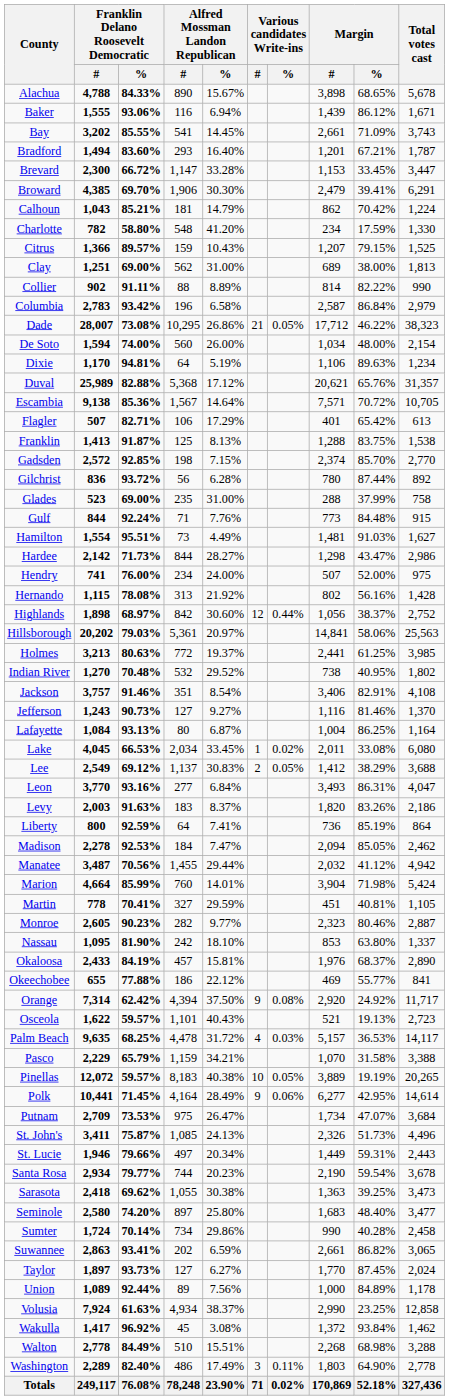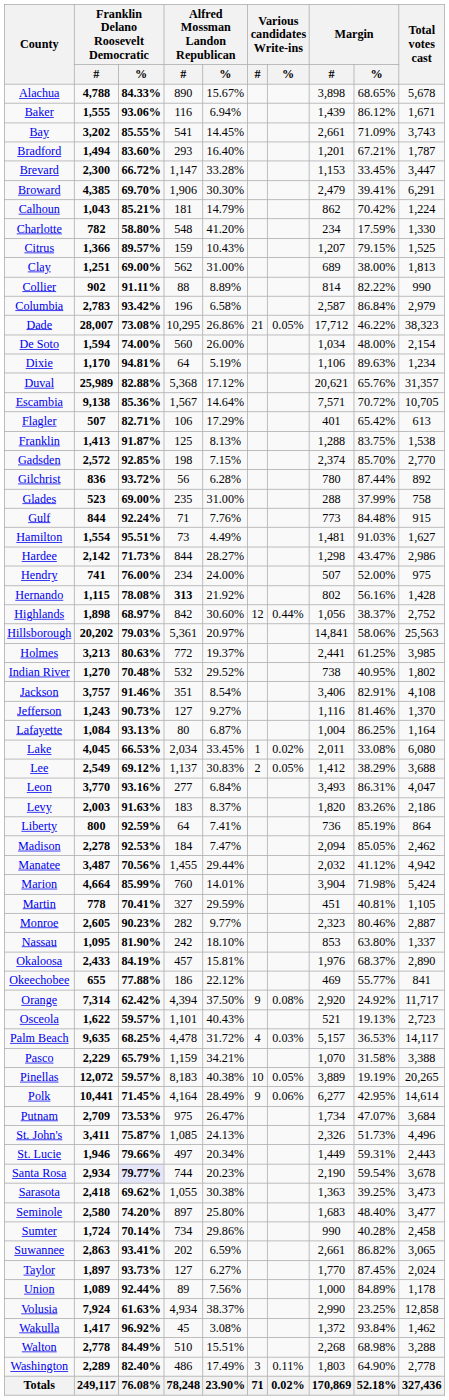 <table class="wikitable sortable" style="width:60%; text-align:center;">
 <tr>
 <th style="text-align:center;" rowspan="2">County</th>
 <th style="text-align:center;" colspan="2">Franklin Delano Roosevelt<br>Democratic</th>
 <th style="text-align:center;" colspan="2">Alfred Mossman Landon<br>Republican</th>
 <th style="text-align:center;" colspan="2">Various candidates<br>Write-ins</th>
 <th style="text-align:center;" colspan="2">Margin</th>
 <th style="text-align:center;" rowspan="2">Total votes cast</th>
 </tr>
 <tr>
 <th style="text-align:center;" data-sort-type="number">#</th>
 <th style="text-align:center;" data-sort-type="number">%</th>
 <th style="text-align:center;" data-sort-type="number">#</th>
 <th style="text-align:center;" data-sort-type="number">%</th>
 <th style="text-align:center;" data-sort-type="number">#</th>
 <th style="text-align:center;" data-sort-type="number">%</th>
 <th style="text-align:center;" data-sort-type="number">#</th>
 <th style="text-align:center;" data-sort-type="number">%</th>
 </tr>
 <tr style="text-align:center;">
 <td><a href='#'>Alachua</a></td>
 <td><strong>4,788</strong></td>
 <td><strong>84.33%</strong></td>
 <td>890</td>
 <td>15.67%</td>
 <td></td>
 <td></td>
 <td>3,898</td>
 <td>68.65%</td>
 <td>5,678</td>
 </tr>
 <tr style="text-align:center;">
 <td><a href='#'>Baker</a></td>
 <td><strong>1,555</strong></td>
 <td><strong>93.06%</strong></td>
 <td>116</td>
 <td>6.94%</td>
 <td></td>
 <td></td>
 <td>1,439</td>
 <td>86.12%</td>
 <td>1,671</td>
 </tr>
 <tr style="text-align:center;">
 <td><a href='#'>Bay</a></td>
 <td><strong>3,202</strong></td>
 <td><strong>85.55%</strong></td>
 <td>541</td>
 <td>14.45%</td>
 <td></td>
 <td></td>
 <td>2,661</td>
 <td>71.09%</td>
 <td>3,743</td>
 </tr>
 <tr style="text-align:center;">
 <td><a href='#'>Bradford</a></td>
 <td><strong>1,494</strong></td>
 <td><strong>83.60%</strong></td>
 <td>293</td>
 <td>16.40%</td>
 <td></td>
 <td></td>
 <td>1,201</td>
 <td>67.21%</td>
 <td>1,787</td>
 </tr>
 <tr style="text-align:center;">
 <td><a href='#'>Brevard</a></td>
 <td><strong>2,300</strong></td>
 <td><strong>66.72%</strong></td>
 <td>1,147</td>
 <td>33.28%</td>
 <td></td>
 <td></td>
 <td>1,153</td>
 <td>33.45%</td>
 <td>3,447</td>
 </tr>
 <tr style="text-align:center;">
 <td><a href='#'>Broward</a></td>
 <td><strong>4,385</strong></td>
 <td><strong>69.70%</strong></td>
 <td>1,906</td>
 <td>30.30%</td>
 <td></td>
 <td></td>
 <td>2,479</td>
 <td>39.41%</td>
 <td>6,291</td>
 </tr>
 <tr style="text-align:center;">
 <td><a href='#'>Calhoun</a></td>
 <td><strong>1,043</strong></td>
 <td><strong>85.21%</strong></td>
 <td>181</td>
 <td>14.79%</td>
 <td></td>
 <td></td>
 <td>862</td>
 <td>70.42%</td>
 <td>1,224</td>
 </tr>
 <tr style="text-align:center;">
 <td><a href='#'>Charlotte</a></td>
 <td><strong>782</strong></td>
 <td><strong>58.80%</strong></td>
 <td>548</td>
 <td>41.20%</td>
 <td></td>
 <td></td>
 <td>234</td>
 <td>17.59%</td>
 <td>1,330</td>
 </tr>
 <tr style="text-align:center;">
 <td><a href='#'>Citrus</a></td>
 <td><strong>1,366</strong></td>
 <td><strong>89.57%</strong></td>
 <td>159</td>
 <td>10.43%</td>
 <td></td>
 <td></td>
 <td>1,207</td>
 <td>79.15%</td>
 <td>1,525</td>
 </tr>
 <tr style="text-align:center;">
 <td><a href='#'>Clay</a></td>
 <td><strong>1,251</strong></td>
 <td><strong>69.00%</strong></td>
 <td>562</td>
 <td>31.00%</td>
 <td></td>
 <td></td>
 <td>689</td>
 <td>38.00%</td>
 <td>1,813</td>
 </tr>
 <tr style="text-align:center;">
 <td><a href='#'>Collier</a></td>
 <td><strong>902</strong></td>
 <td><strong>91.11%</strong></td>
 <td>88</td>
 <td>8.89%</td>
 <td></td>
 <td></td>
 <td>814</td>
 <td>82.22%</td>
 <td>990</td>
 </tr>
 <tr style="text-align:center;">
 <td><a href='#'>Columbia</a></td>
 <td><strong>2,783</strong></td>
 <td><strong>93.42%</strong></td>
 <td>196</td>
 <td>6.58%</td>
 <td></td>
 <td></td>
 <td>2,587</td>
 <td>86.84%</td>
 <td>2,979</td>
 </tr>
 <tr style="text-align:center;">
 <td><a href='#'>Dade</a></td>
 <td><strong>28,007</strong></td>
 <td><strong>73.08%</strong></td>
 <td>10,295</td>
 <td>26.86%</td>
 <td>21</td>
 <td>0.05%</td>
 <td>17,712</td>
 <td>46.22%</td>
 <td>38,323</td>
 </tr>
 <tr style="text-align:center;">
 <td><a href='#'>De Soto</a></td>
 <td><strong>1,594</strong></td>
 <td><strong>74.00%</strong></td>
 <td>560</td>
 <td>26.00%</td>
 <td></td>
 <td></td>
 <td>1,034</td>
 <td>48.00%</td>
 <td>2,154</td>
 </tr>
 <tr style="text-align:center;">
 <td><a href='#'>Dixie</a></td>
 <td><strong>1,170</strong></td>
 <td><strong>94.81%</strong></td>
 <td>64</td>
 <td>5.19%</td>
 <td></td>
 <td></td>
 <td>1,106</td>
 <td>89.63%</td>
 <td>1,234</td>
 </tr>
 <tr style="text-align:center;">
 <td><a href='#'>Duval</a></td>
 <td><strong>25,989</strong></td>
 <td><strong>82.88%</strong></td>
 <td>5,368</td>
 <td>17.12%</td>
 <td></td>
 <td></td>
 <td>20,621</td>
 <td>65.76%</td>
 <td>31,357</td>
 </tr>
 <tr style="text-align:center;">
 <td><a href='#'>Escambia</a></td>
 <td><strong>9,138</strong></td>
 <td><strong>85.36%</strong></td>
 <td>1,567</td>
 <td>14.64%</td>
 <td></td>
 <td></td>
 <td>7,571</td>
 <td>70.72%</td>
 <td>10,705</td>
 </tr>
 <tr style="text-align:center;">
 <td><a href='#'>Flagler</a></td>
 <td><strong>507</strong></td>
 <td><strong>82.71%</strong></td>
 <td>106</td>
 <td>17.29%</td>
 <td></td>
 <td></td>
 <td>401</td>
 <td>65.42%</td>
 <td>613</td>
 </tr>
 <tr style="text-align:center;">
 <td><a href='#'>Franklin</a></td>
 <td><strong>1,413</strong></td>
 <td><strong>91.87%</strong></td>
 <td>125</td>
 <td>8.13%</td>
 <td></td>
 <td></td>
 <td>1,288</td>
 <td>83.75%</td>
 <td>1,538</td>
 </tr>
 <tr style="text-align:center;">
 <td><a href='#'>Gadsden</a></td>
 <td><strong>2,572</strong></td>
 <td><strong>92.85%</strong></td>
 <td>198</td>
 <td>7.15%</td>
 <td></td>
 <td></td>
 <td>2,374</td>
 <td>85.70%</td>
 <td>2,770</td>
 </tr>
 <tr style="text-align:center;">
 <td><a href='#'>Gilchrist</a></td>
 <td><strong>836</strong></td>
 <td><strong>93.72%</strong></td>
 <td>56</td>
 <td>6.28%</td>
 <td></td>
 <td></td>
 <td>780</td>
 <td>87.44%</td>
 <td>892</td>
 </tr>
 <tr style="text-align:center;">
 <td><a href='#'>Glades</a></td>
 <td><strong>523</strong></td>
 <td><strong>69.00%</strong></td>
 <td>235</td>
 <td>31.00%</td>
 <td></td>
 <td></td>
 <td>288</td>
 <td>37.99%</td>
 <td>758</td>
 </tr>
 <tr style="text-align:center;">
 <td><a href='#'>Gulf</a></td>
 <td><strong>844</strong></td>
 <td><strong>92.24%</strong></td>
 <td>71</td>
 <td>7.76%</td>
 <td></td>
 <td></td>
 <td>773</td>
 <td>84.48%</td>
 <td>915</td>
 </tr>
 <tr style="text-align:center;">
 <td><a href='#'>Hamilton</a></td>
 <td><strong>1,554</strong></td>
 <td><strong>95.51%</strong></td>
 <td>73</td>
 <td>4.49%</td>
 <td></td>
 <td></td>
 <td>1,481</td>
 <td>91.03%</td>
 <td>1,627</td>
 </tr>
 <tr style="text-align:center;">
 <td><a href='#'>Hardee</a></td>
 <td><strong>2,142</strong></td>
 <td><strong>71.73%</strong></td>
 <td>844</td>
 <td>28.27%</td>
 <td></td>
 <td></td>
 <td>1,298</td>
 <td>43.47%</td>
 <td>2,986</td>
 </tr>
 <tr style="text-align:center;">
 <td><a href='#'>Hendry</a></td>
 <td><strong>741</strong></td>
 <td><strong>76.00%</strong></td>
 <td>234</td>
 <td>24.00%</td>
 <td></td>
 <td></td>
 <td>507</td>
 <td>52.00%</td>
 <td>975</td>
 </tr>
 <tr style="text-align:center;">
 <td><a href='#'>Hernando</a></td>
 <td><strong>1,115</strong></td>
 <td><strong>78.08%</strong></td>
-<td>313</td>
+<td><strong>313</strong></td>
 <td>21.92%</td>
 <td></td>
 <td></td>
 <td>802</td>
 <td>56.16%</td>
 <td>1,428</td>
 </tr>
 <tr style="text-align:center;">
 <td><a href='#'>Highlands</a></td>
 <td><strong>1,898</strong></td>
 <td><strong>68.97%</strong></td>
 <td>842</td>
 <td>30.60%</td>
 <td>12</td>
 <td>0.44%</td>
 <td>1,056</td>
 <td>38.37%</td>
 <td>2,752</td>
 </tr>
 <tr style="text-align:center;">
 <td><a href='#'>Hillsborough</a></td>
 <td><strong>20,202</strong></td>
 <td><strong>79.03%</strong></td>
 <td>5,361</td>
 <td>20.97%</td>
 <td></td>
 <td></td>
 <td>14,841</td>
 <td>58.06%</td>
 <td>25,563</td>
 </tr>
 <tr style="text-align:center;">
 <td><a href='#'>Holmes</a></td>
 <td><strong>3,213</strong></td>
 <td><strong>80.63%</strong></td>
 <td>772</td>
 <td>19.37%</td>
 <td></td>
 <td></td>
 <td>2,441</td>
 <td>61.25%</td>
 <td>3,985</td>
 </tr>
 <tr style="text-align:center;">
 <td><a href='#'>Indian River</a></td>
 <td><strong>1,270</strong></td>
 <td><strong>70.48%</strong></td>
 <td>532</td>
 <td>29.52%</td>
 <td></td>
 <td></td>
 <td>738</td>
 <td>40.95%</td>
 <td>1,802</td>
 </tr>
 <tr style="text-align:center;">
 <td><a href='#'>Jackson</a></td>
 <td><strong>3,757</strong></td>
 <td><strong>91.46%</strong></td>
 <td>351</td>
 <td>8.54%</td>
 <td></td>
 <td></td>
 <td>3,406</td>
 <td>82.91%</td>
 <td>4,108</td>
 </tr>
 <tr style="text-align:center;">
 <td><a href='#'>Jefferson</a></td>
 <td><strong>1,243</strong></td>
 <td><strong>90.73%</strong></td>
 <td>127</td>
 <td>9.27%</td>
 <td></td>
 <td></td>
 <td>1,116</td>
 <td>81.46%</td>
 <td>1,370</td>
 </tr>
 <tr style="text-align:center;">
 <td><a href='#'>Lafayette</a></td>
 <td><strong>1,084</strong></td>
 <td><strong>93.13%</strong></td>
 <td>80</td>
 <td>6.87%</td>
 <td></td>
 <td></td>
 <td>1,004</td>
 <td>86.25%</td>
 <td>1,164</td>
 </tr>
 <tr style="text-align:center;">
 <td><a href='#'>Lake</a></td>
 <td><strong>4,045</strong></td>
 <td><strong>66.53%</strong></td>
 <td>2,034</td>
 <td>33.45%</td>
 <td>1</td>
 <td>0.02%</td>
 <td>2,011</td>
 <td>33.08%</td>
 <td>6,080</td>
 </tr>
 <tr style="text-align:center;">
 <td><a href='#'>Lee</a></td>
 <td><strong>2,549</strong></td>
 <td><strong>69.12%</strong></td>
 <td>1,137</td>
 <td>30.83%</td>
 <td>2</td>
 <td>0.05%</td>
 <td>1,412</td>
 <td>38.29%</td>
 <td>3,688</td>
 </tr>
 <tr style="text-align:center;">
 <td><a href='#'>Leon</a></td>
 <td><strong>3,770</strong></td>
 <td><strong>93.16%</strong></td>
 <td>277</td>
 <td>6.84%</td>
 <td></td>
 <td></td>
 <td>3,493</td>
 <td>86.31%</td>
 <td>4,047</td>
 </tr>
 <tr style="text-align:center;">
 <td><a href='#'>Levy</a></td>
 <td><strong>2,003</strong></td>
 <td><strong>91.63%</strong></td>
 <td>183</td>
 <td>8.37%</td>
 <td></td>
 <td></td>
 <td>1,820</td>
 <td>83.26%</td>
 <td>2,186</td>
 </tr>
 <tr style="text-align:center;">
 <td><a href='#'>Liberty</a></td>
 <td><strong>800</strong></td>
 <td><strong>92.59%</strong></td>
 <td>64</td>
 <td>7.41%</td>
 <td></td>
 <td></td>
 <td>736</td>
 <td>85.19%</td>
 <td>864</td>
 </tr>
 <tr style="text-align:center;">
 <td><a href='#'>Madison</a></td>
 <td><strong>2,278</strong></td>
 <td><strong>92.53%</strong></td>
 <td>184</td>
 <td>7.47%</td>
 <td></td>
 <td></td>
 <td>2,094</td>
 <td>85.05%</td>
 <td>2,462</td>
 </tr>
 <tr style="text-align:center;">
 <td><a href='#'>Manatee</a></td>
 <td><strong>3,487</strong></td>
 <td><strong>70.56%</strong></td>
 <td>1,455</td>
 <td>29.44%</td>
 <td></td>
 <td></td>
 <td>2,032</td>
 <td>41.12%</td>
 <td>4,942</td>
 </tr>
 <tr style="text-align:center;">
 <td><a href='#'>Marion</a></td>
 <td><strong>4,664</strong></td>
 <td><strong>85.99%</strong></td>
 <td>760</td>
 <td>14.01%</td>
 <td></td>
 <td></td>
 <td>3,904</td>
 <td>71.98%</td>
 <td>5,424</td>
 </tr>
 <tr style="text-align:center;">
 <td><a href='#'>Martin</a></td>
 <td><strong>778</strong></td>
 <td><strong>70.41%</strong></td>
 <td>327</td>
 <td>29.59%</td>
 <td></td>
 <td></td>
 <td>451</td>
 <td>40.81%</td>
 <td>1,105</td>
 </tr>
 <tr style="text-align:center;">
 <td><a href='#'>Monroe</a></td>
 <td><strong>2,605</strong></td>
 <td><strong>90.23%</strong></td>
 <td>282</td>
 <td>9.77%</td>
 <td></td>
 <td></td>
 <td>2,323</td>
 <td>80.46%</td>
 <td>2,887</td>
 </tr>
 <tr style="text-align:center;">
 <td><a href='#'>Nassau</a></td>
 <td><strong>1,095</strong></td>
 <td><strong>81.90%</strong></td>
 <td>242</td>
 <td>18.10%</td>
 <td></td>
 <td></td>
 <td>853</td>
 <td>63.80%</td>
 <td>1,337</td>
 </tr>
 <tr style="text-align:center;">
 <td><a href='#'>Okaloosa</a></td>
 <td><strong>2,433</strong></td>
 <td><strong>84.19%</strong></td>
 <td>457</td>
 <td>15.81%</td>
 <td></td>
 <td></td>
 <td>1,976</td>
 <td>68.37%</td>
 <td>2,890</td>
 </tr>
 <tr style="text-align:center;">
 <td><a href='#'>Okeechobee</a></td>
 <td><strong>655</strong></td>
 <td><strong>77.88%</strong></td>
 <td>186</td>
 <td>22.12%</td>
 <td></td>
 <td></td>
 <td>469</td>
 <td>55.77%</td>
 <td>841</td>
 </tr>
 <tr style="text-align:center;">
 <td><a href='#'>Orange</a></td>
 <td><strong>7,314</strong></td>
 <td><strong>62.42%</strong></td>
 <td>4,394</td>
 <td>37.50%</td>
 <td>9</td>
 <td>0.08%</td>
 <td>2,920</td>
 <td>24.92%</td>
 <td>11,717</td>
 </tr>
 <tr style="text-align:center;">
 <td><a href='#'>Osceola</a></td>
 <td><strong>1,622</strong></td>
 <td><strong>59.57%</strong></td>
 <td>1,101</td>
 <td>40.43%</td>
 <td></td>
 <td></td>
 <td>521</td>
 <td>19.13%</td>
 <td>2,723</td>
 </tr>
 <tr style="text-align:center;">
 <td><a href='#'>Palm Beach</a></td>
 <td><strong>9,635</strong></td>
 <td><strong>68.25%</strong></td>
 <td>4,478</td>
 <td>31.72%</td>
 <td>4</td>
 <td>0.03%</td>
 <td>5,157</td>
 <td>36.53%</td>
 <td>14,117</td>
 </tr>
 <tr style="text-align:center;">
 <td><a href='#'>Pasco</a></td>
 <td><strong>2,229</strong></td>
 <td><strong>65.79%</strong></td>
 <td>1,159</td>
 <td>34.21%</td>
 <td></td>
 <td></td>
 <td>1,070</td>
 <td>31.58%</td>
 <td>3,388</td>
 </tr>
 <tr style="text-align:center;">
 <td><a href='#'>Pinellas</a></td>
 <td><strong>12,072</strong></td>
 <td><strong>59.57%</strong></td>
 <td>8,183</td>
 <td>40.38%</td>
 <td>10</td>
 <td>0.05%</td>
 <td>3,889</td>
 <td>19.19%</td>
 <td>20,265</td>
 </tr>
 <tr style="text-align:center;">
 <td><a href='#'>Polk</a></td>
 <td><strong>10,441</strong></td>
 <td><strong>71.45%</strong></td>
 <td>4,164</td>
 <td>28.49%</td>
 <td>9</td>
 <td>0.06%</td>
 <td>6,277</td>
 <td>42.95%</td>
 <td>14,614</td>
 </tr>
 <tr style="text-align:center;">
 <td><a href='#'>Putnam</a></td>
 <td><strong>2,709</strong></td>
 <td><strong>73.53%</strong></td>
 <td>975</td>
 <td>26.47%</td>
 <td></td>
 <td></td>
 <td>1,734</td>
 <td>47.07%</td>
 <td>3,684</td>
 </tr>
 <tr style="text-align:center;">
 <td><a href='#'>St. John's</a></td>
 <td><strong>3,411</strong></td>
 <td><strong>75.87%</strong></td>
 <td>1,085</td>
 <td>24.13%</td>
 <td></td>
 <td></td>
 <td>2,326</td>
 <td>51.73%</td>
 <td>4,496</td>
 </tr>
 <tr style="text-align:center;">
 <td><a href='#'>St. Lucie</a></td>
 <td><strong>1,946</strong></td>
 <td><strong>79.66%</strong></td>
 <td>497</td>
 <td>20.34%</td>
 <td></td>
 <td></td>
 <td>1,449</td>
 <td>59.31%</td>
 <td>2,443</td>
 </tr>
 <tr style="text-align:center;">
 <td><a href='#'>Santa Rosa</a></td>
 <td><strong>2,934</strong></td>
-<td><strong>79.77%</strong></td>
+<td style="background: lavender;"><strong>79.77%</strong></td>
 <td>744</td>
 <td>20.23%</td>
 <td></td>
 <td></td>
 <td>2,190</td>
 <td>59.54%</td>
 <td>3,678</td>
 </tr>
 <tr style="text-align:center;">
 <td><a href='#'>Sarasota</a></td>
 <td><strong>2,418</strong></td>
 <td><strong>69.62%</strong></td>
 <td>1,055</td>
 <td>30.38%</td>
 <td></td>
 <td></td>
 <td>1,363</td>
 <td>39.25%</td>
 <td>3,473</td>
 </tr>
 <tr style="text-align:center;">
 <td><a href='#'>Seminole</a></td>
 <td><strong>2,580</strong></td>
 <td><strong>74.20%</strong></td>
 <td>897</td>
 <td>25.80%</td>
 <td></td>
 <td></td>
 <td>1,683</td>
 <td>48.40%</td>
 <td>3,477</td>
 </tr>
 <tr style="text-align:center;">
 <td><a href='#'>Sumter</a></td>
 <td><strong>1,724</strong></td>
 <td><strong>70.14%</strong></td>
 <td>734</td>
 <td>29.86%</td>
 <td></td>
 <td></td>
 <td>990</td>
 <td>40.28%</td>
 <td>2,458</td>
 </tr>
 <tr style="text-align:center;">
 <td><a href='#'>Suwannee</a></td>
 <td><strong>2,863</strong></td>
 <td><strong>93.41%</strong></td>
 <td>202</td>
 <td>6.59%</td>
 <td></td>
 <td></td>
 <td>2,661</td>
 <td>86.82%</td>
 <td>3,065</td>
 </tr>
 <tr style="text-align:center;">
 <td><a href='#'>Taylor</a></td>
 <td><strong>1,897</strong></td>
 <td><strong>93.73%</strong></td>
 <td>127</td>
 <td>6.27%</td>
 <td></td>
 <td></td>
 <td>1,770</td>
 <td>87.45%</td>
 <td>2,024</td>
 </tr>
 <tr style="text-align:center;">
 <td><a href='#'>Union</a></td>
 <td><strong>1,089</strong></td>
 <td><strong>92.44%</strong></td>
 <td>89</td>
 <td>7.56%</td>
 <td></td>
 <td></td>
 <td>1,000</td>
 <td>84.89%</td>
 <td>1,178</td>
 </tr>
 <tr style="text-align:center;">
 <td><a href='#'>Volusia</a></td>
 <td><strong>7,924</strong></td>
 <td><strong>61.63%</strong></td>
 <td>4,934</td>
 <td>38.37%</td>
 <td></td>
 <td></td>
 <td>2,990</td>
 <td>23.25%</td>
 <td>12,858</td>
 </tr>
 <tr style="text-align:center;">
 <td><a href='#'>Wakulla</a></td>
 <td><strong>1,417</strong></td>
 <td><strong>96.92%</strong></td>
 <td>45</td>
 <td>3.08%</td>
 <td></td>
 <td></td>
 <td>1,372</td>
 <td>93.84%</td>
 <td>1,462</td>
 </tr>
 <tr style="text-align:center;">
 <td><a href='#'>Walton</a></td>
 <td><strong>2,778</strong></td>
 <td><strong>84.49%</strong></td>
 <td>510</td>
 <td>15.51%</td>
 <td></td>
 <td></td>
 <td>2,268</td>
 <td>68.98%</td>
 <td>3,288</td>
 </tr>
 <tr style="text-align:center;">
 <td><a href='#'>Washington</a></td>
 <td><strong>2,289</strong></td>
 <td><strong>82.40%</strong></td>
 <td>486</td>
 <td>17.49%</td>
 <td>3</td>
 <td>0.11%</td>
 <td>1,803</td>
 <td>64.90%</td>
 <td>2,778</td>
 </tr>
 <tr style="text-align:center;">
 <th>Totals</th>
 <th>249,117</th>
 <th>76.08%</th>
 <th>78,248</th>
 <th>23.90%</th>
 <th>71</th>
 <th>0.02%</th>
 <th>170,869</th>
 <th>52.18%</th>
 <th>327,436</th>
 </tr>
 </table>
